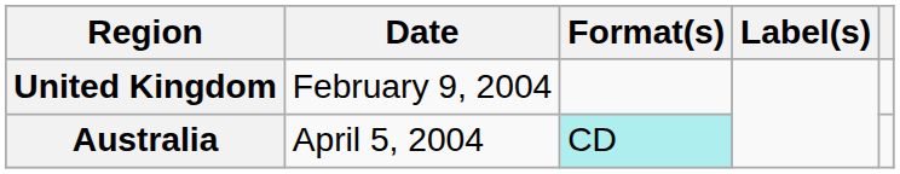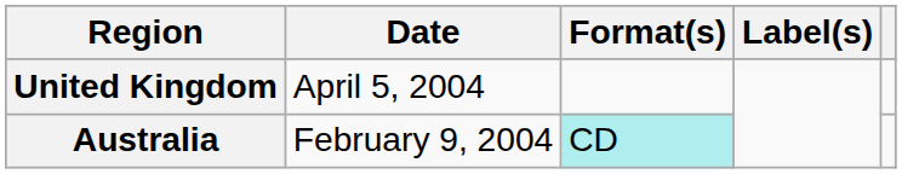 <table class="wikitable plainrowheaders">
 <tr>
 <th scope="col">Region</th>
 <th scope="col">Date</th>
 <th scope="col">Format(s)</th>
 <th scope="col">Label(s)</th>
 <th scope="col"></th>
 </tr>
 <tr>
 <th scope="row">United Kingdom</th>
-<td>February 9, 2004</td>
+<td>April 5, 2004</td>
 <td></td>
 <td rowspan="2"></td>
 <td></td>
 </tr>
 <tr>
 <th scope="row">Australia</th>
-<td>April 5, 2004</td>
+<td>February 9, 2004</td>
 <td style="background: paleturquoise;">CD</td>
 <td></td>
 </tr>
 </table>
